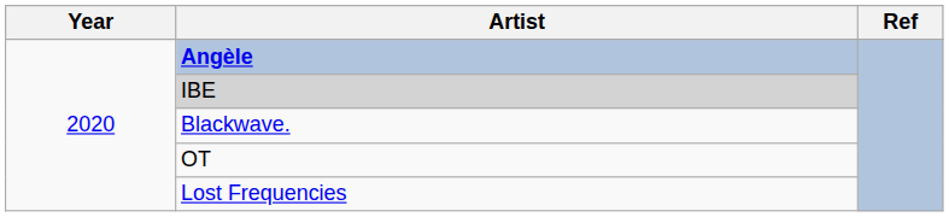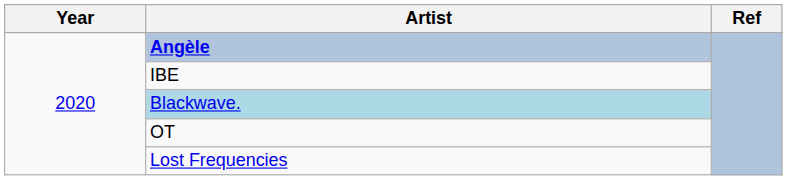 <table class="wikitable" style="width:55%;">
 <tr style="background:#bebebe;">
 <th style="width:10%;">Year</th>
 <th style="width:40%;">Artist</th>
 <th style="width:5%;">Ref</th>
 </tr>
 <tr>
 <td rowspan="6" align="center"><a href='#'>2020</a></td>
 </tr>
 <tr style="background:#B0C4DE">
 <td><strong><a href='#'>Angèle</a></strong></td>
 <td rowspan="6" align="center"></td>
 </tr>
 <tr>
-<td style="background: lightgrey;">IBE</td>
+<td>IBE</td>
 </tr>
 <tr>
-<td><a href='#'>Blackwave.</a></td>
+<td style="background: lightblue;"><a href='#'>Blackwave.</a></td>
 </tr>
 <tr>
 <td>OT</td>
 </tr>
 <tr>
 <td><a href='#'>Lost Frequencies</a></td>
 </tr>
 </table>
